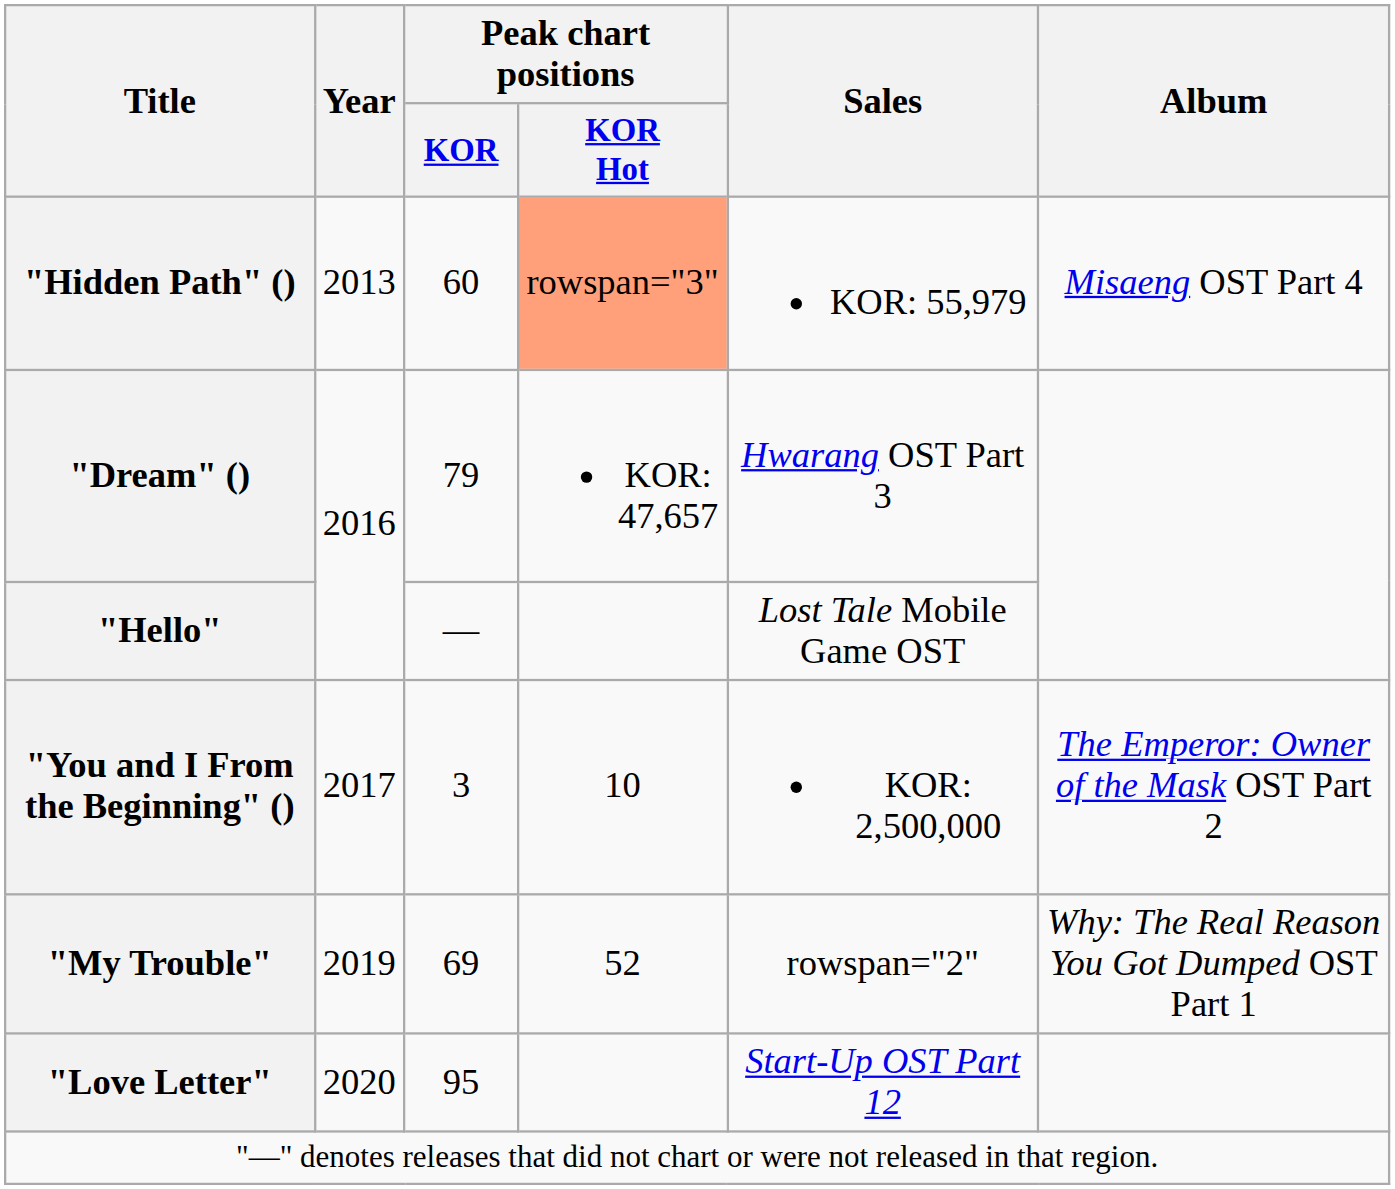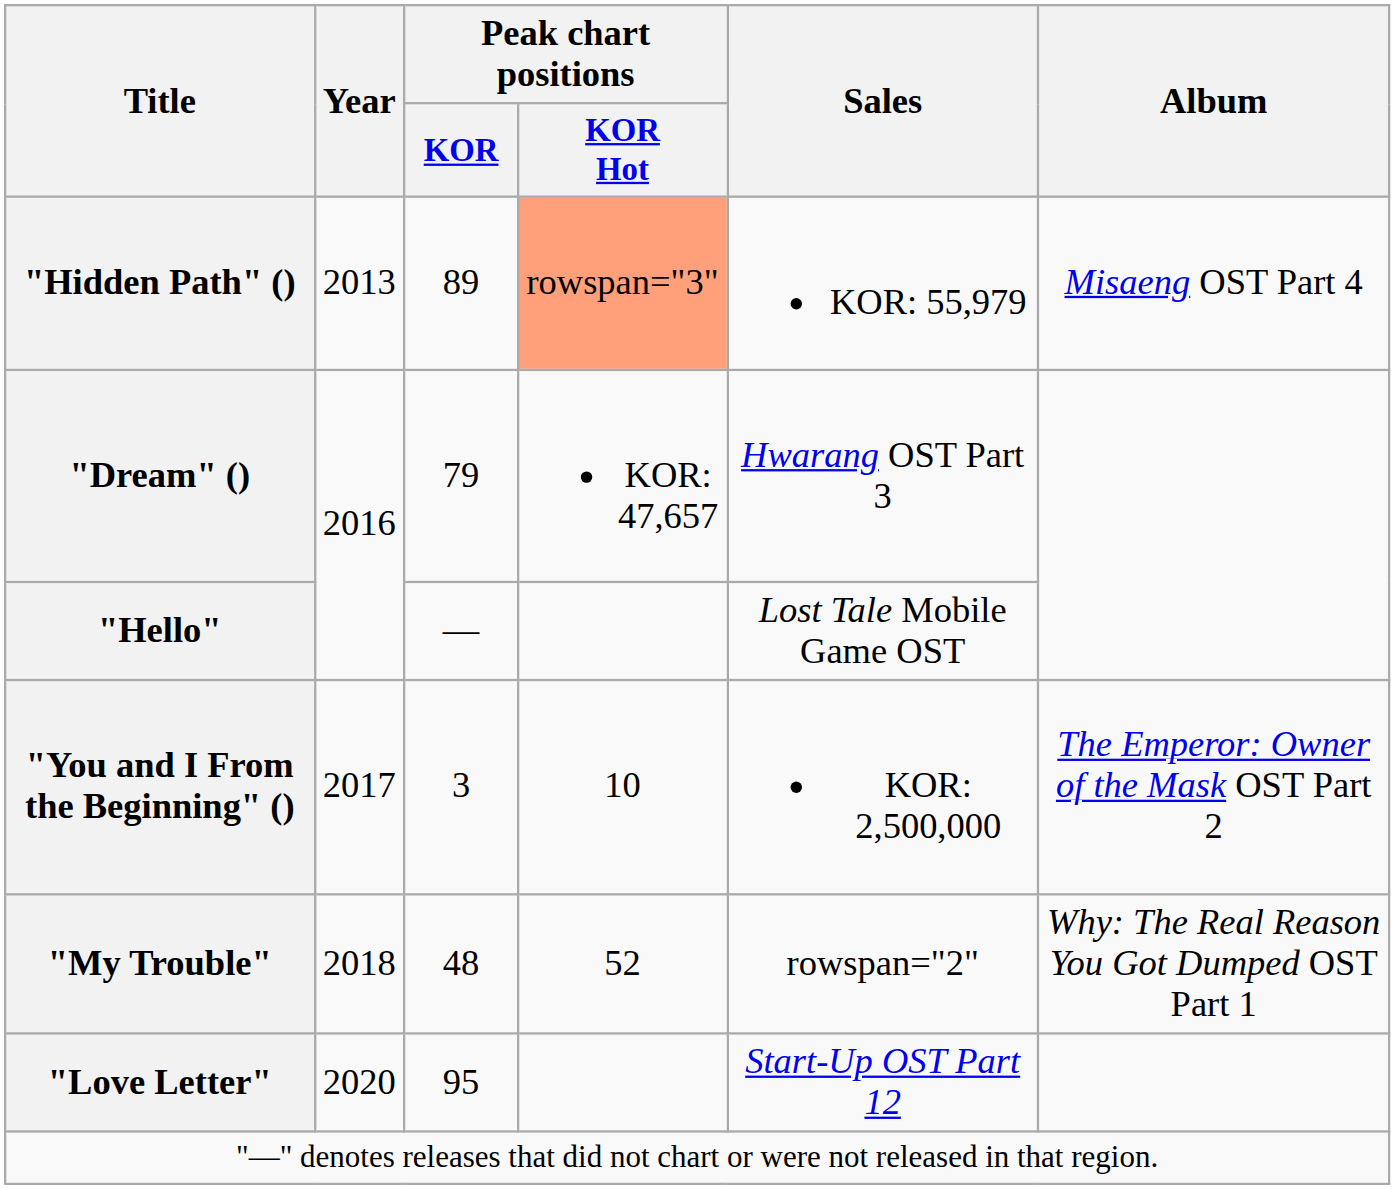 <table class="wikitable plainrowheaders" style="text-align:center;">
 <tr>
 <th scope="col" rowspan="2">Title</th>
 <th scope="col" rowspan="2">Year</th>
 <th scope="col" colspan="2">Peak chart positions</th>
 <th scope="col" rowspan="2">Sales</th>
 <th scope="col" rowspan="2">Album</th>
 </tr>
 <tr>
 <th scope="col" style="width:3em;font-size:90%;"><a href='#'>KOR</a><br></th>
 <th scope="col" style="width:3em;font-size:90%;"><a href='#'>KOR<br>Hot</a><br></th>
 </tr>
 <tr>
 <th scope="row">"Hidden Path" ()</th>
 <td>2013</td>
-<td>60</td>
+<td>89</td>
 <td style="background: lightsalmon;">rowspan="3" </td>
 <td><br><ul><li>KOR: 55,979</li></ul></td>
 <td><em><a href='#'>Misaeng</a></em> OST Part 4</td>
 </tr>
 <tr>
 <th scope="row">"Dream" ()</th>
 <td rowspan="2">2016</td>
 <td>79</td>
 <td><br><ul><li>KOR: 47,657</li></ul></td>
 <td><em><a href='#'>Hwarang</a></em> OST Part 3</td>
 </tr>
 <tr>
 <th scope="row">"Hello"</th>
 <td>—</td>
 <td></td>
 <td><em>Lost Tale</em> Mobile Game OST</td>
 </tr>
 <tr>
 <th scope="row">"You and I From the Beginning" ()</th>
 <td>2017</td>
 <td>3</td>
 <td>10</td>
 <td><br><ul><li>KOR: 2,500,000</li></ul></td>
 <td><em><a href='#'>The Emperor: Owner of the Mask</a></em> OST Part 2</td>
 </tr>
 <tr>
 <th scope="row">"My Trouble"</th>
-<td>2019</td>
-<td>69</td>
+<td>2018</td>
+<td>48</td>
 <td>52</td>
 <td>rowspan="2"  </td>
 <td><em>Why: The Real Reason You Got Dumped</em> OST Part 1</td>
 </tr>
 <tr>
 <th scope="row">"Love Letter"</th>
 <td>2020</td>
 <td>95</td>
 <td></td>
 <td><em><a href='#'>Start-Up OST Part 12</a></em></td>
 </tr>
 <tr>
 <td colspan="8" style="font-size:85%;">"—" denotes releases that did not chart or were not released in that region.</td>
 </tr>
 </table>
